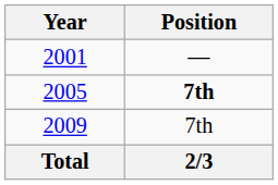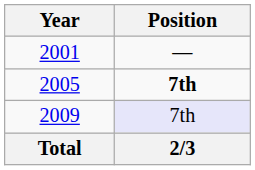 <table class="wikitable" style="text-align: center;">
 <tr>
 <th width="80">Year</th>
 <th width="100">Position</th>
 </tr>
 <tr>
 <td> <a href='#'>2001</a></td>
 <td>—</td>
 </tr>
 <tr>
 <td> <a href='#'>2005</a></td>
 <td><strong>7th</strong></td>
 </tr>
 <tr>
 <td> <a href='#'>2009</a></td>
-<td>7th</td>
+<td style="background: lavender;">7th</td>
 </tr>
 <tr>
 <th>Total</th>
 <th>2/3</th>
 </tr>
 </table>
